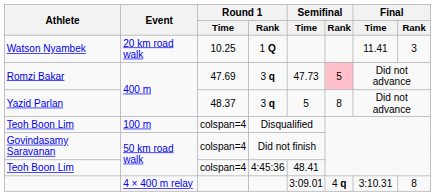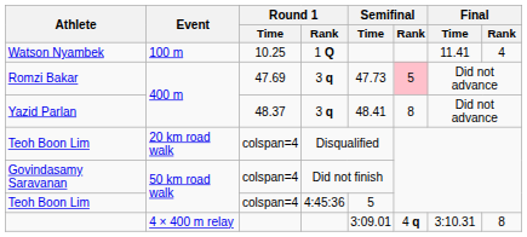 <table class="wikitable" style="font-size:90%">
 <tr>
 <th rowspan=2>Athlete</th>
 <th rowspan=2>Event</th>
 <th colspan=2>Round 1</th>
 <th colspan=2>Semifinal</th>
 <th colspan=2>Final</th>
 </tr>
 <tr style="font-size:95%">
 <th>Time</th>
 <th>Rank</th>
 <th>Time</th>
 <th>Rank</th>
 <th>Time</th>
 <th>Rank</th>
 </tr>
 <tr align=center>
 <td align=left><a href='#'>Watson Nyambek</a></td>
-<td align=left><a href='#'>20 km road walk</a></td>
+<td align=left><a href='#'>100 m</a></td>
 <td>10.25</td>
 <td>1 <strong>Q</strong></td>
 <td></td>
 <td></td>
 <td>11.41</td>
-<td>3</td>
+<td>4</td>
 </tr>
 <tr align=center>
 <td align=left><a href='#'>Romzi Bakar</a></td>
 <td align=left rowspan=2><a href='#'>400 m</a></td>
 <td>47.69</td>
 <td>3 <strong>q</strong></td>
 <td>47.73</td>
 <td style="background: pink;">5</td>
 <td colspan=2>Did not advance</td>
 </tr>
 <tr align=center>
 <td align=left><a href='#'>Yazid Parlan</a></td>
 <td>48.37</td>
 <td>3 <strong>q</strong></td>
-<td>5</td>
+<td>48.41</td>
 <td>8</td>
 <td colspan=2>Did not advance</td>
 </tr>
 <tr align=center>
 <td align=left><a href='#'>Teoh Boon Lim</a></td>
-<td align=left><a href='#'>100 m</a></td>
+<td align=left><a href='#'>20 km road walk</a></td>
 <td>colspan=4 </td>
 <td colspan=2>Disqualified</td>
 </tr>
 <tr align=center>
 <td align=left><a href='#'>Govindasamy Saravanan</a></td>
 <td align=left rowspan=2><a href='#'>50 km road walk</a></td>
 <td>colspan=4 </td>
 <td colspan=2>Did not finish</td>
 </tr>
 <tr align=center>
 <td align=left><a href='#'>Teoh Boon Lim</a></td>
 <td>colspan=4 </td>
 <td>4:45:36</td>
-<td>48.41</td>
+<td>5</td>
 </tr>
 <tr align=center>
 <td align=left></td>
 <td align=left><a href='#'>4 × 400 m relay</a></td>
 <td></td>
 <td></td>
 <td>3:09.01</td>
 <td>4 <strong>q</strong></td>
 <td>3:10.31</td>
 <td>8</td>
 </tr>
 </table>
